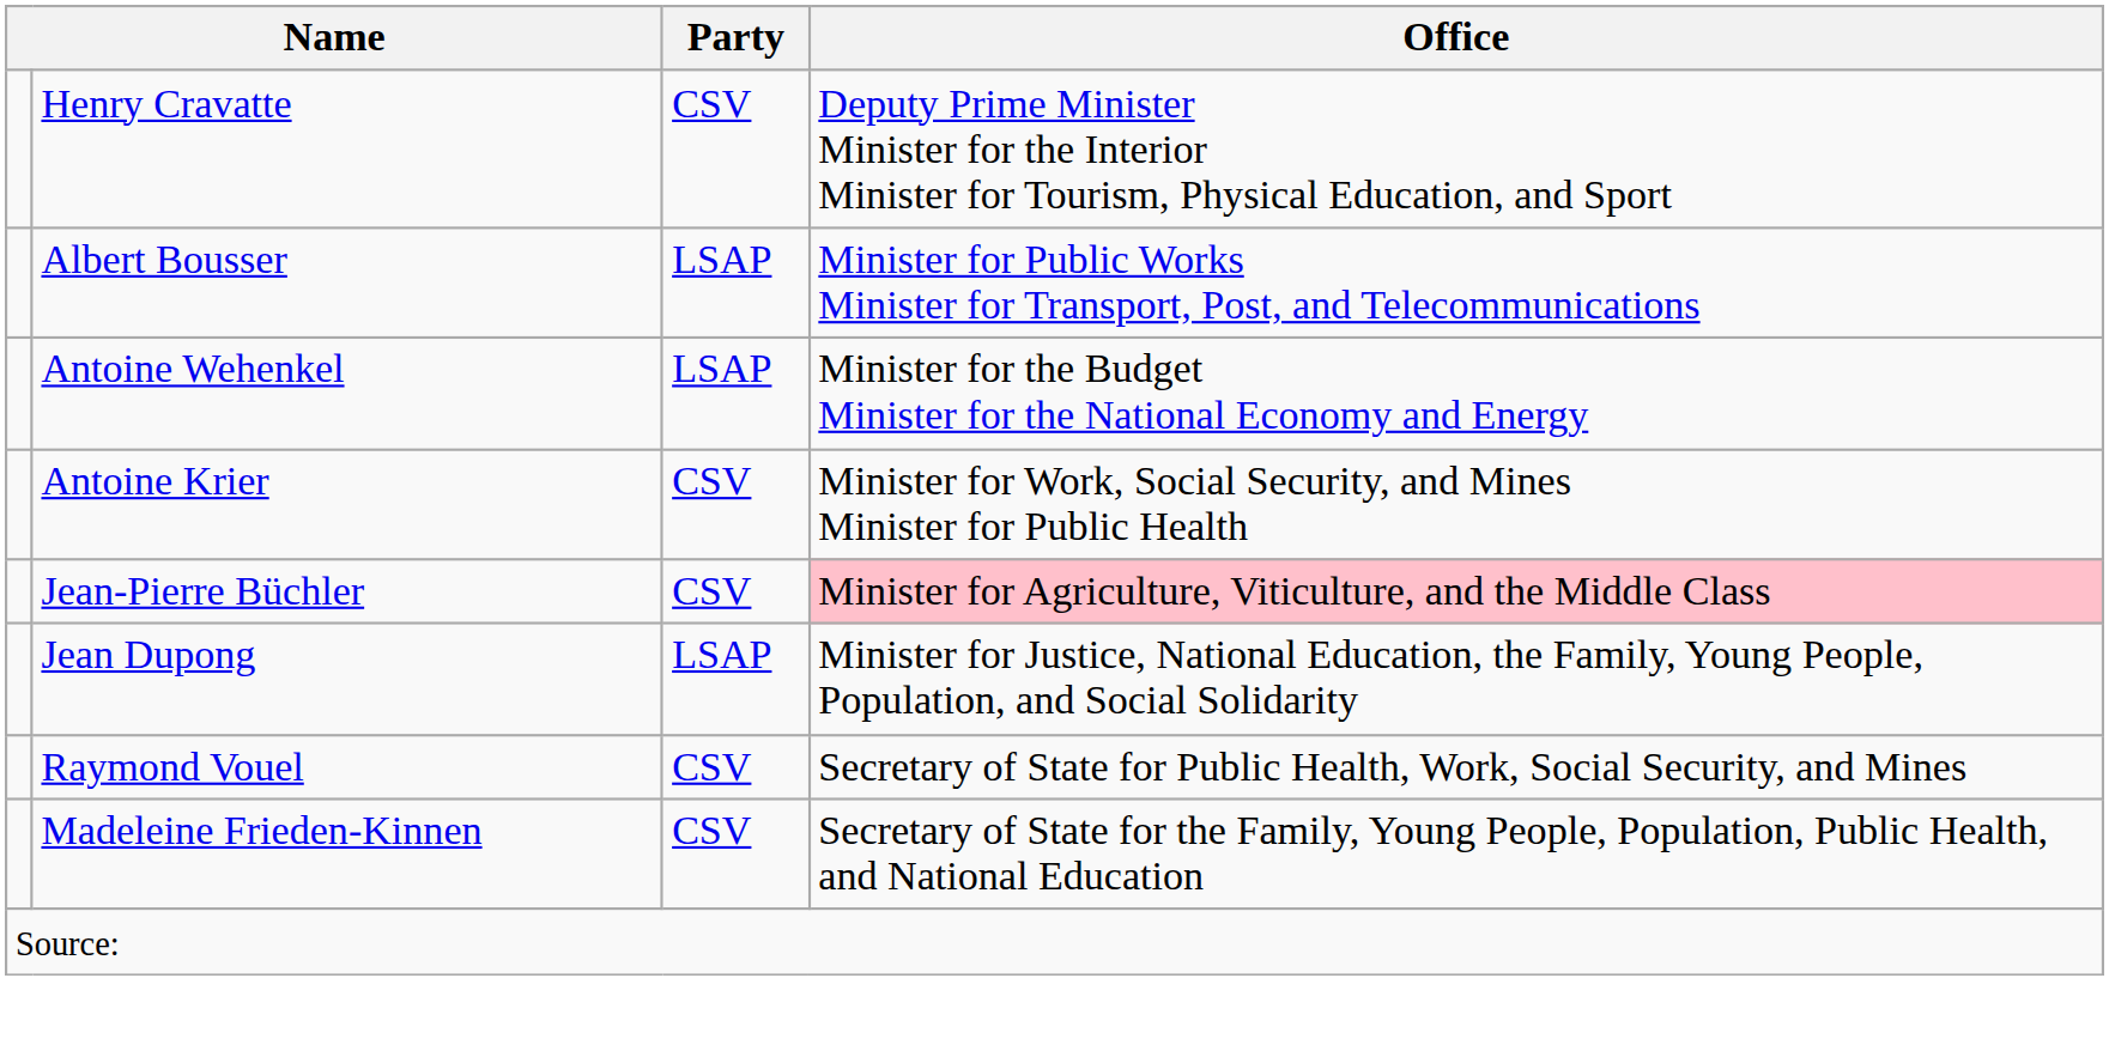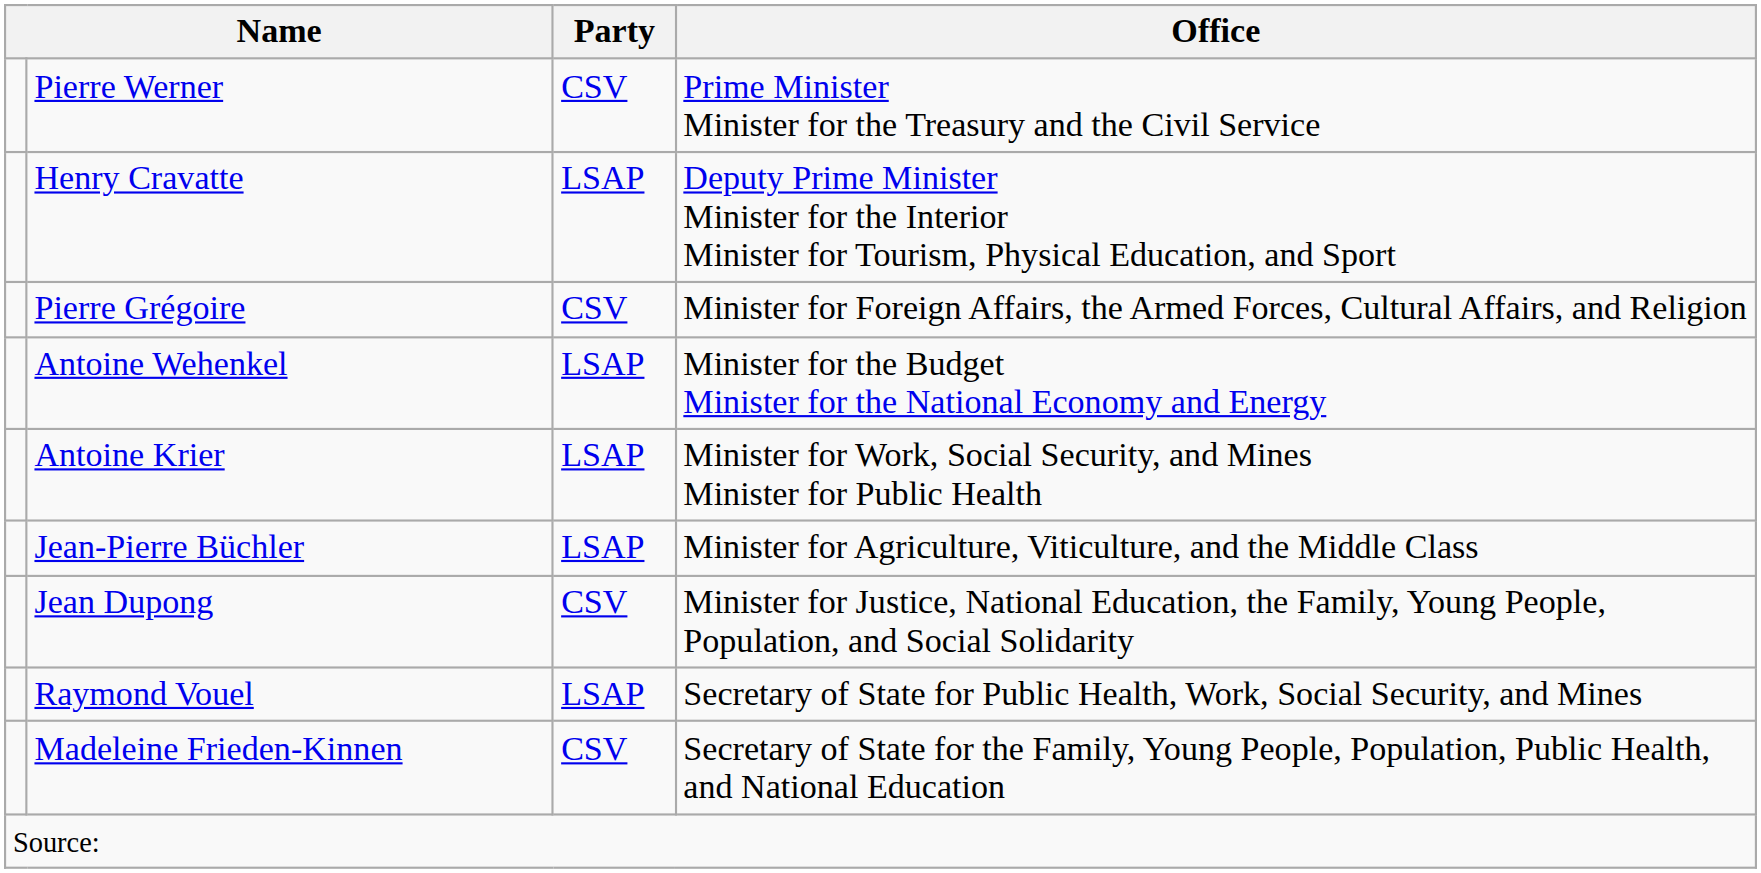 <table class="wikitable">
 <tr>
 <th colspan=2 width=250px>Name</th>
 <th width=50px>Party</th>
 <th width=500px>Office</th>
 </tr>
 <tr>
 <td style="background-color: "></td>
+<td valign=top><a href='#'>Pierre Werner</a></td>
+<td valign=top><a href='#'>CSV</a></td>
+<td><a href='#'>Prime Minister</a> <br> Minister for the Treasury and the Civil Service</td>
+</tr>
+<tr>
+<td style="background-color: "></td>
 <td valign=top><a href='#'>Henry Cravatte</a></td>
-<td valign=top><a href='#'>CSV</a></td>
+<td valign=top><a href='#'>LSAP</a></td>
 <td><a href='#'>Deputy Prime Minister</a> <br> Minister for the Interior <br> Minister for Tourism, Physical Education, and Sport</td>
 </tr>
 <tr>
 <td style="background-color: "></td>
-<td valign=top><a href='#'>Albert Bousser</a></td>
-<td valign=top><a href='#'>LSAP</a></td>
-<td><a href='#'>Minister for Public Works</a> <br> <a href='#'>Minister for Transport, Post, and Telecommunications</a></td>
+<td valign=top><a href='#'>Pierre Grégoire</a></td>
+<td valign=top><a href='#'>CSV</a></td>
+<td>Minister for Foreign Affairs, the Armed Forces, Cultural Affairs, and Religion</td>
 </tr>
 <tr>
 <td style="background-color: "></td>
 <td valign=top><a href='#'>Antoine Wehenkel</a></td>
 <td valign=top><a href='#'>LSAP</a></td>
 <td>Minister for the Budget <br> <a href='#'>Minister for the National Economy and Energy</a></td>
 </tr>
 <tr>
 <td style="background-color: "></td>
 <td valign=top><a href='#'>Antoine Krier</a></td>
-<td valign=top><a href='#'>CSV</a></td>
+<td valign=top><a href='#'>LSAP</a></td>
 <td>Minister for Work, Social Security, and Mines <br> Minister for Public Health</td>
 </tr>
 <tr>
 <td style="background-color: "></td>
 <td valign=top><a href='#'>Jean-Pierre Büchler</a></td>
-<td valign=top><a href='#'>CSV</a></td>
-<td style="background: pink;">Minister for Agriculture, Viticulture, and the Middle Class</td>
+<td valign=top><a href='#'>LSAP</a></td>
+<td>Minister for Agriculture, Viticulture, and the Middle Class</td>
 </tr>
 <tr>
 <td style="background-color: "></td>
 <td valign=top><a href='#'>Jean Dupong</a></td>
-<td valign=top><a href='#'>LSAP</a></td>
+<td valign=top><a href='#'>CSV</a></td>
 <td>Minister for Justice, National Education, the Family, Young People, Population, and Social Solidarity</td>
 </tr>
 <tr>
 <td style="background-color: "></td>
 <td valign=top><a href='#'>Raymond Vouel</a></td>
-<td valign=top><a href='#'>CSV</a></td>
+<td valign=top><a href='#'>LSAP</a></td>
 <td>Secretary of State for Public Health, Work, Social Security, and Mines</td>
 </tr>
 <tr>
 <td style="background-color: "></td>
 <td valign=top><a href='#'>Madeleine Frieden-Kinnen</a></td>
 <td valign=top><a href='#'>CSV</a></td>
 <td>Secretary of State for the Family, Young People, Population, Public Health, and National Education</td>
 </tr>
 <tr>
 <td colspan=4><small>Source: </small></td>
 </tr>
 </table>
